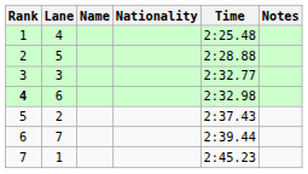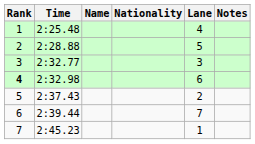 <table class="wikitable sortable" style="text-align:center">
 <tr>
 <th>Rank</th>
-<th>Lane</th>
+<th>Time</th>
 <th>Name</th>
 <th>Nationality</th>
-<th>Time</th>
+<th>Lane</th>
 <th>Notes</th>
 </tr>
 <tr bgcolor=ccffcc>
 <td>1</td>
-<td>4</td>
+<td>2:25.48</td>
 <td align=left></td>
 <td align=left></td>
-<td>2:25.48</td>
+<td>4</td>
 <td><strong></strong></td>
 </tr>
 <tr bgcolor=ccffcc>
 <td>2</td>
-<td>5</td>
+<td>2:28.88</td>
 <td align=left></td>
 <td align=left></td>
-<td>2:28.88</td>
+<td>5</td>
 <td><strong></strong></td>
 </tr>
 <tr bgcolor=ccffcc>
 <td>3</td>
-<td>3</td>
+<td>2:32.77</td>
 <td align=left></td>
 <td align=left></td>
-<td>2:32.77</td>
+<td>3</td>
 <td><strong></strong></td>
 </tr>
 <tr bgcolor=ccffcc>
 <td><strong>4</strong></td>
-<td>6</td>
+<td>2:32.98</td>
 <td align=left></td>
 <td align=left></td>
-<td>2:32.98</td>
+<td>6</td>
 <td><strong></strong></td>
 </tr>
 <tr>
 <td>5</td>
-<td>2</td>
+<td>2:37.43</td>
 <td align=left></td>
 <td align=left></td>
-<td>2:37.43</td>
+<td>2</td>
 <td></td>
 </tr>
 <tr>
 <td>6</td>
-<td>7</td>
+<td>2:39.44</td>
 <td align=left></td>
 <td align=left></td>
-<td>2:39.44</td>
+<td>7</td>
 <td></td>
 </tr>
 <tr>
 <td>7</td>
-<td>1</td>
+<td>2:45.23</td>
 <td align=left></td>
 <td align=left></td>
-<td>2:45.23</td>
+<td>1</td>
 <td></td>
 </tr>
 </table>
